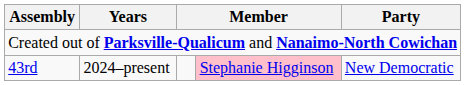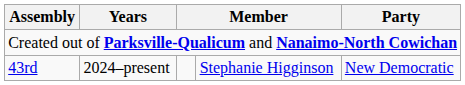 <table class="wikitable">
 <tr>
 <th>Assembly</th>
 <th>Years</th>
 <th colspan="2">Member</th>
 <th>Party</th>
 </tr>
 <tr>
 <td colspan="5" align="center">Created out of <strong><a href='#'>Parksville-Qualicum</a></strong> and <strong><a href='#'>Nanaimo-North Cowichan</a></strong></td>
 </tr>
 <tr>
 <td><a href='#'>43rd</a></td>
 <td>2024–present</td>
 <td>   </td>
-<td style="background: pink;"><a href='#'>Stephanie Higginson</a></td>
+<td><a href='#'>Stephanie Higginson</a></td>
 <td><a href='#'>New Democratic</a></td>
 </tr>
 </table>
